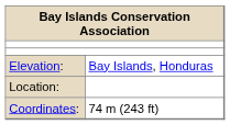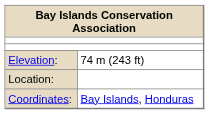 <table border=1 cellpadding=4 cellspacing=0 class="toccolours" style="float: right; width: 270px; clear: both; margin: 0.5em 0 1em 1em; border-style: solid; border:1px solid #7f7f7f; border-right-width: 2px; border-bottom-width: 2px; border-collapse: collapse; font-size: 95%;">
 <tr>
 <th bgcolor=#e7dcc3 colspan=2>Bay Islands Conservation Association</th>
 </tr>
 <tr>
 <td align=center colspan=2></td>
 </tr>
 <tr>
 <td align=center colspan=2></td>
 </tr>
 <tr>
 <td bgcolor=#e7dcc3><a href='#'>Elevation</a>:</td>
-<td><a href='#'>Bay Islands</a>, <a href='#'>Honduras</a></td>
+<td>74 m (243 ft)</td>
 </tr>
 <tr>
 <td bgcolor=#e7dcc3>Location:</td>
 <td width=215></td>
 </tr>
 <tr>
 <td bgcolor=#e7dcc3 width=90><a href='#'>Coordinates</a>:</td>
-<td>74 m (243 ft)</td>
+<td><a href='#'>Bay Islands</a>, <a href='#'>Honduras</a></td>
 </tr>
 </table>
